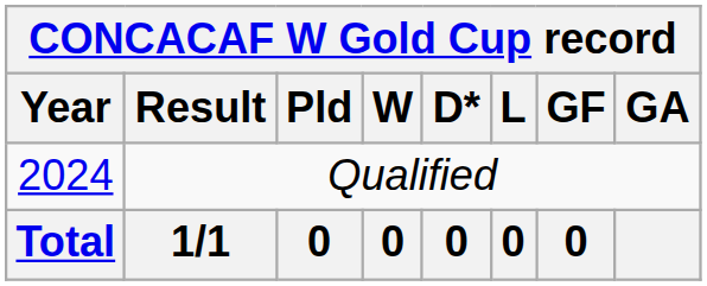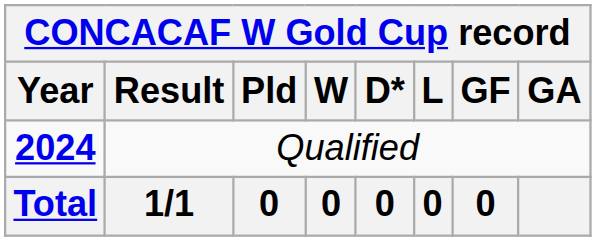 <table class="wikitable"  style="text-align:center;">
 <tr>
 <th colspan=8><a href='#'>CONCACAF W Gold Cup</a> record</th>
 </tr>
 <tr>
 <th>Year</th>
 <th>Result</th>
 <th>Pld</th>
 <th>W</th>
 <th>D*</th>
 <th>L</th>
 <th>GF</th>
 <th>GA</th>
 </tr>
 <tr>
-<td> <a href='#'>2024</a></td>
+<td><strong> <a href='#'>2024</a></strong></td>
 <td colspan=7><em>Qualified</em></td>
 </tr>
 <tr>
 <th><a href='#'>Total</a></th>
 <th>1/1</th>
 <th>0</th>
 <th>0</th>
 <th>0</th>
 <th>0</th>
 <th>0</th>
 <th></th>
 </tr>
 </table>
